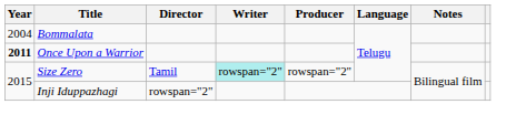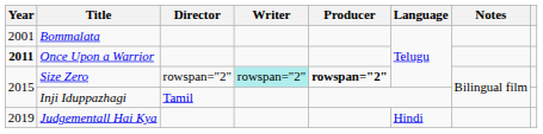 <table class="wikitable plainrowheaders sortable">
 <tr>
 <th scope="col">Year</th>
 <th scope="col">Title</th>
 <th scope="col" width=65>Director</th>
 <th scope="col" width=65>Writer</th>
 <th scope="col" width=65>Producer</th>
 <th scope="col">Language</th>
 <th scope="col" class="unsortable">Notes</th>
 <th scope="col" class="unsortable"></th>
 </tr>
 <tr>
-<td style="text-align:center;">2004</td>
+<td style="text-align:center;">2001</td>
 <td><em><a href='#'>Bommalata</a></em></td>
 <td></td>
 <td></td>
 <td></td>
 <td rowspan="3"><a href='#'>Telugu</a></td>
 <td></td>
 <td></td>
 </tr>
 <tr>
 <td style="text-align:center;"><strong>2011</strong></td>
 <td><em><a href='#'>Once Upon a Warrior</a></em></td>
 <td></td>
 <td></td>
 <td></td>
 <td></td>
 <td></td>
 </tr>
 <tr>
 <td style="text-align:center;" rowspan="2">2015</td>
 <td><em><a href='#'>Size Zero</a></em></td>
-<td><a href='#'>Tamil</a></td>
+<td>rowspan="2" </td>
 <td style="background: paleturquoise;">rowspan="2" </td>
-<td>rowspan="2" </td>
+<td><strong>rowspan="2" </strong></td>
 <td rowspan="2">Bilingual film</td>
 <td></td>
 </tr>
 <tr>
 <td><em>Inji Iduppazhagi</em></td>
-<td>rowspan="2" </td>
+<td><a href='#'>Tamil</a></td>
+<td></td>
+</tr>
+<tr>
+<td style="text-align:center;">2019</td>
+<td><em><a href='#'>Judgementall Hai Kya</a></em></td>
+<td></td>
+<td></td>
+<td></td>
+<td><a href='#'>Hindi</a></td>
+<td></td>
 <td></td>
 </tr>
 </table>
